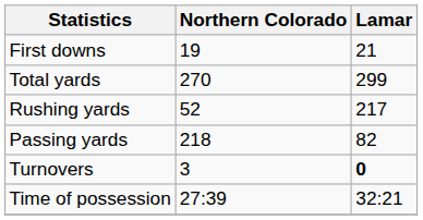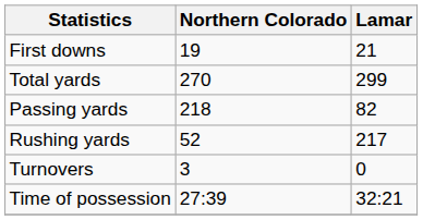 <table class="wikitable" style="float: left;">
 <tr>
 <th>Statistics</th>
 <th><strong>Northern Colorado</strong></th>
 <th><strong>Lamar</strong></th>
 </tr>
 <tr>
 <td>First downs</td>
 <td>19</td>
 <td>21</td>
 </tr>
 <tr>
 <td>Total yards</td>
 <td>270</td>
 <td>299</td>
 </tr>
 <tr>
+<td>Passing yards</td>
+<td>218</td>
+<td>82</td>
+</tr>
+<tr>
 <td>Rushing yards</td>
 <td>52</td>
 <td>217</td>
 </tr>
 <tr>
-<td>Passing yards</td>
-<td>218</td>
-<td>82</td>
-</tr>
-<tr>
 <td>Turnovers</td>
 <td>3</td>
-<td><strong>0</strong></td>
+<td>0</td>
 </tr>
 <tr>
 <td>Time of possession</td>
 <td>27:39</td>
 <td>32:21</td>
 </tr>
 <tr>
 </tr>
 </table>
